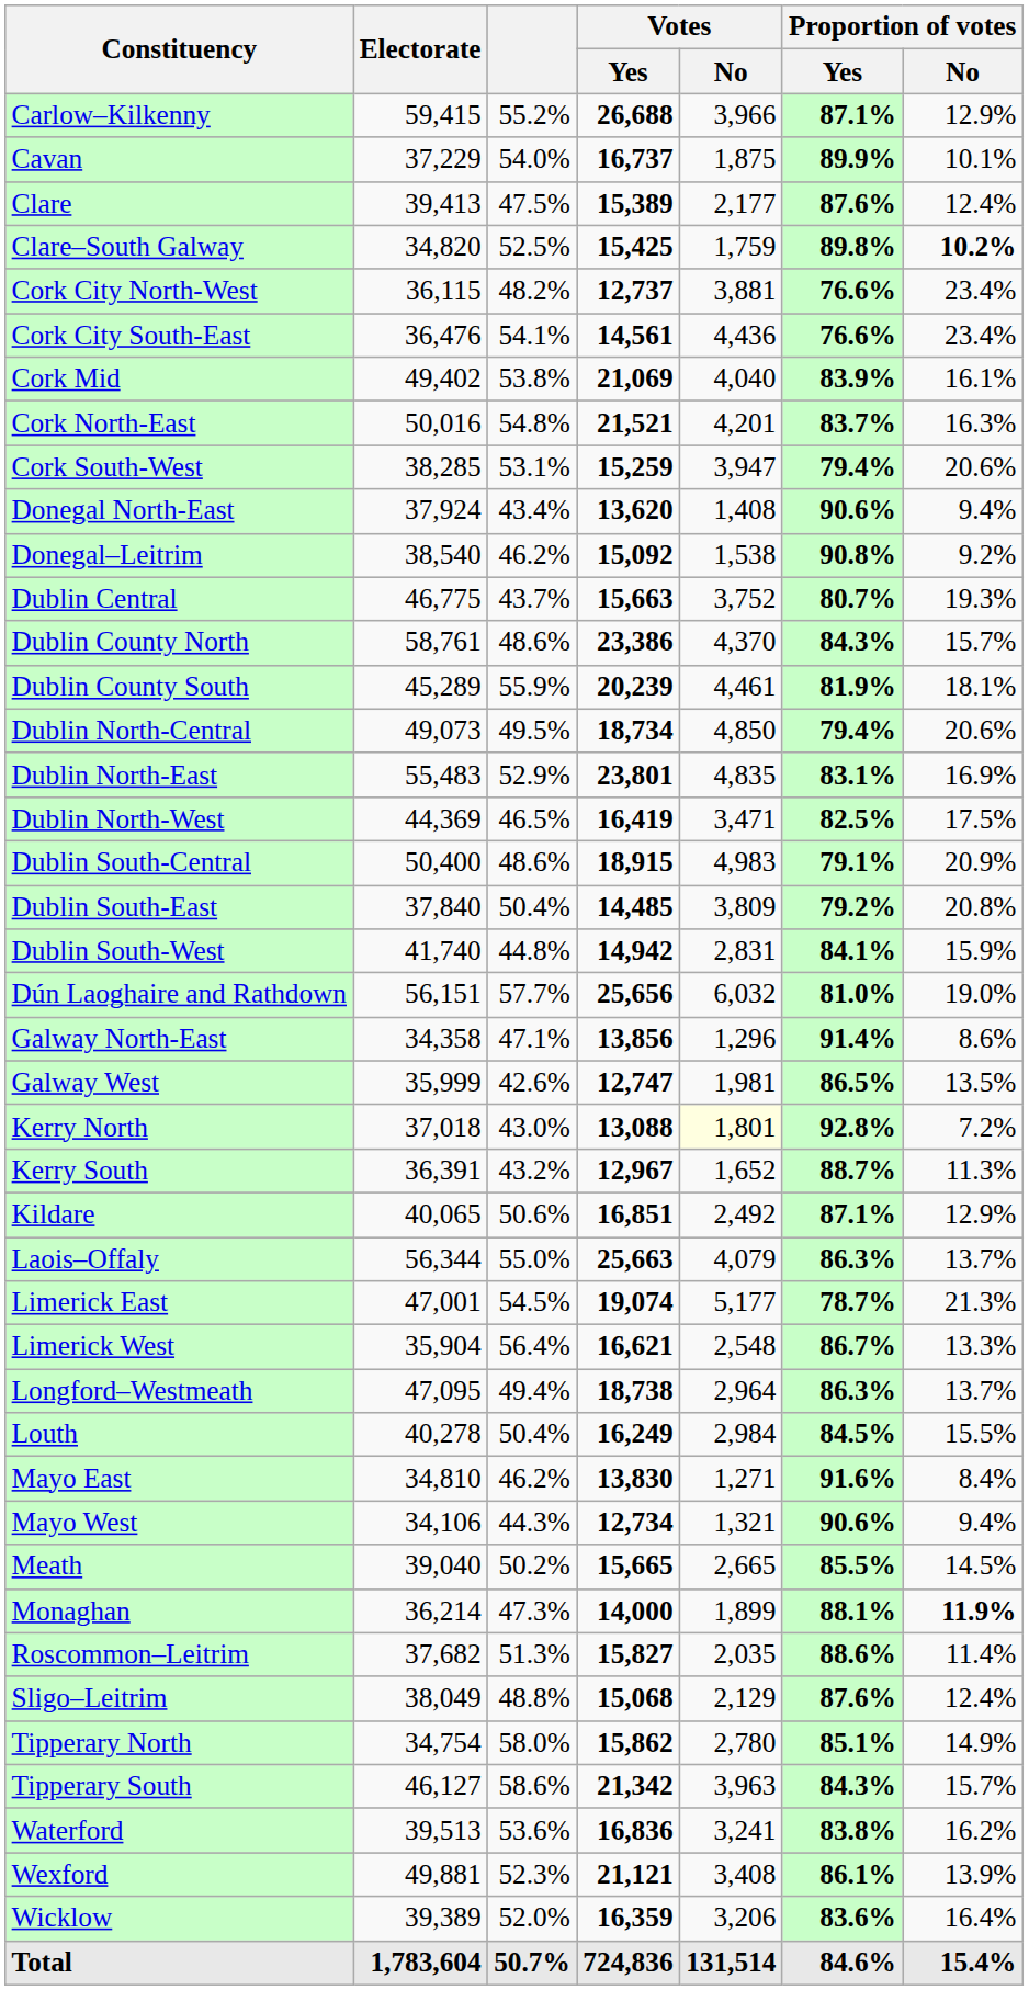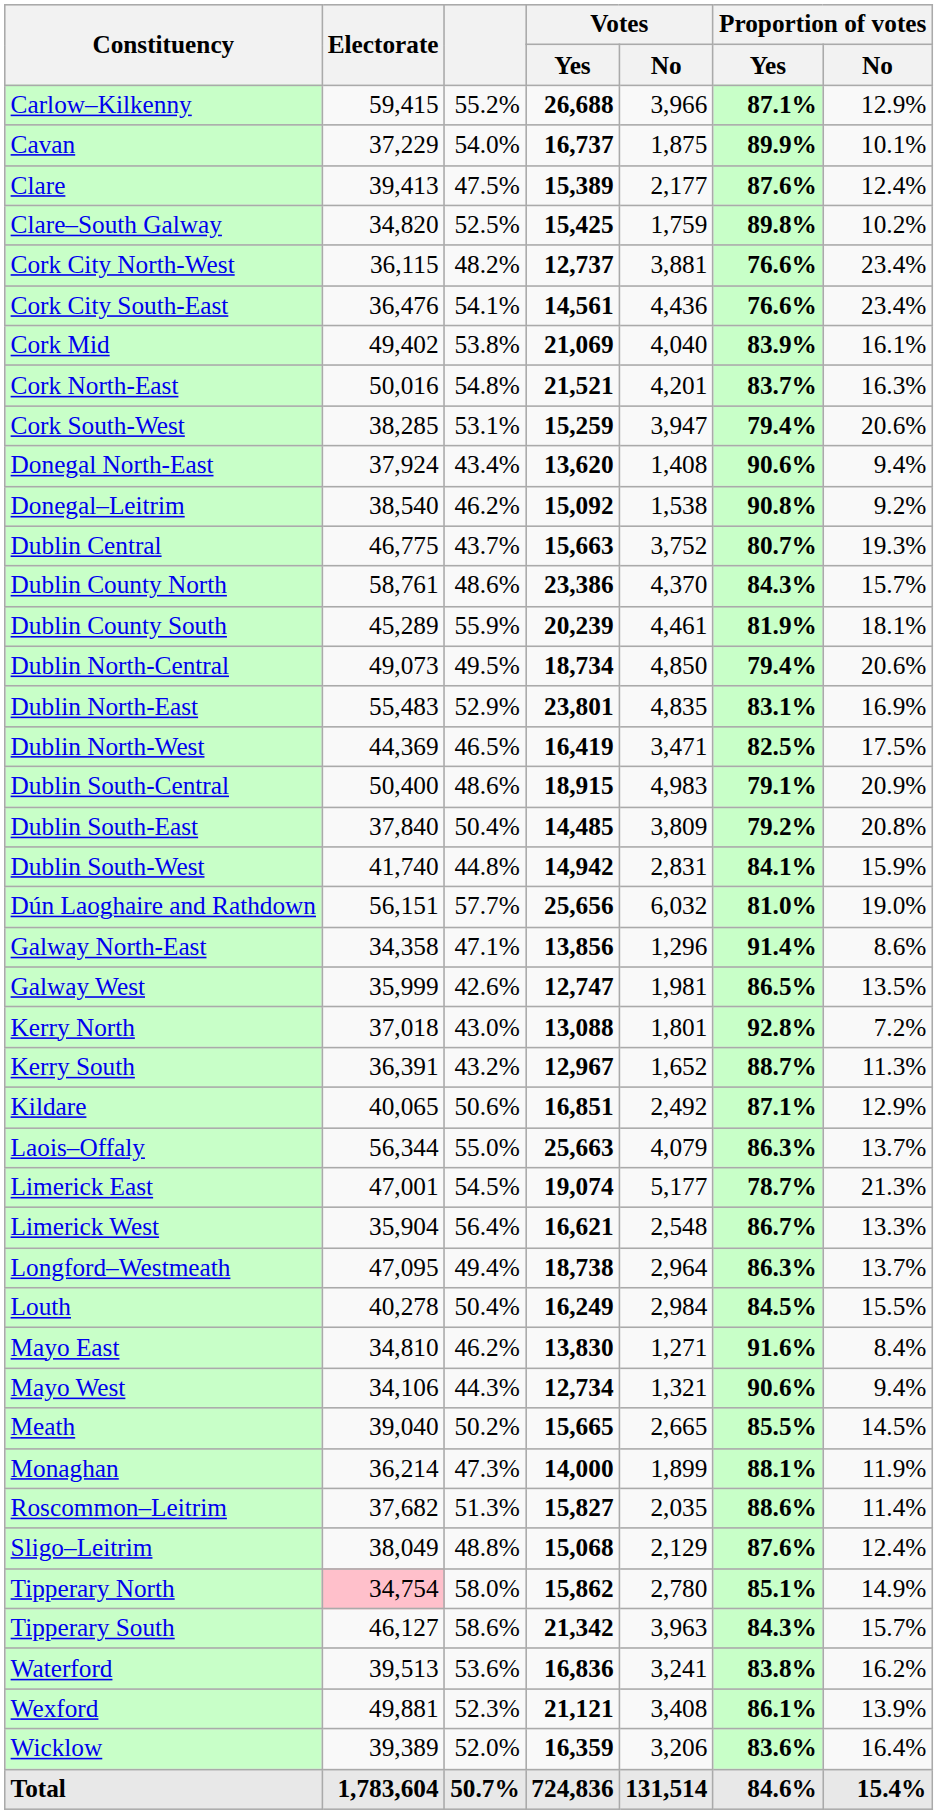 <table class="wikitable sortable">
 <tr>
 <th rowspan=2>Constituency</th>
 <th rowspan=2>Electorate</th>
 <th rowspan=2></th>
 <th colspan=2>Votes</th>
 <th colspan=2>Proportion of votes</th>
 </tr>
 <tr>
 <th>Yes</th>
 <th>No</th>
 <th>Yes</th>
 <th>No</th>
 </tr>
 <tr>
 <td style="background:#c8ffc8;"><a href='#'>Carlow–Kilkenny</a></td>
 <td style="text-align: right;">59,415</td>
 <td style="text-align: right;">55.2%</td>
 <td style="text-align: right;"><strong>26,688</strong></td>
 <td style="text-align: right;">3,966</td>
 <td style="text-align: right; background:#c8ffc8;"><strong>87.1%</strong></td>
 <td style="text-align: right;">12.9%</td>
 </tr>
 <tr>
 <td style="background:#c8ffc8;"><a href='#'>Cavan</a></td>
 <td style="text-align: right;">37,229</td>
 <td style="text-align: right;">54.0%</td>
 <td style="text-align: right;"><strong>16,737</strong></td>
 <td style="text-align: right;">1,875</td>
 <td style="text-align: right; background:#c8ffc8;"><strong>89.9%</strong></td>
 <td style="text-align: right;">10.1%</td>
 </tr>
 <tr>
 <td style="background:#c8ffc8;"><a href='#'>Clare</a></td>
 <td style="text-align: right;">39,413</td>
 <td style="text-align: right;">47.5%</td>
 <td style="text-align: right;"><strong>15,389</strong></td>
 <td style="text-align: right;">2,177</td>
 <td style="text-align: right; background:#c8ffc8;"><strong>87.6%</strong></td>
 <td style="text-align: right;">12.4%</td>
 </tr>
 <tr>
 <td style="background:#c8ffc8;"><a href='#'>Clare–South Galway</a></td>
 <td style="text-align: right;">34,820</td>
 <td style="text-align: right;">52.5%</td>
 <td style="text-align: right;"><strong>15,425</strong></td>
 <td style="text-align: right;">1,759</td>
 <td style="text-align: right; background:#c8ffc8;"><strong>89.8%</strong></td>
-<td style="text-align: right;"><strong>10.2%</strong></td>
+<td style="text-align: right;">10.2%</td>
 </tr>
 <tr>
 <td style="background:#c8ffc8;"><a href='#'>Cork City North-West</a></td>
 <td style="text-align: right;">36,115</td>
 <td style="text-align: right;">48.2%</td>
 <td style="text-align: right;"><strong>12,737</strong></td>
 <td style="text-align: right;">3,881</td>
 <td style="text-align: right; background:#c8ffc8;"><strong>76.6%</strong></td>
 <td style="text-align: right;">23.4%</td>
 </tr>
 <tr>
 <td style="background:#c8ffc8;"><a href='#'>Cork City South-East</a></td>
 <td style="text-align: right;">36,476</td>
 <td style="text-align: right;">54.1%</td>
 <td style="text-align: right;"><strong>14,561</strong></td>
 <td style="text-align: right;">4,436</td>
 <td style="text-align: right; background:#c8ffc8;"><strong>76.6%</strong></td>
 <td style="text-align: right;">23.4%</td>
 </tr>
 <tr>
 <td style="background:#c8ffc8;"><a href='#'>Cork Mid</a></td>
 <td style="text-align: right;">49,402</td>
 <td style="text-align: right;">53.8%</td>
 <td style="text-align: right;"><strong>21,069</strong></td>
 <td style="text-align: right;">4,040</td>
 <td style="text-align: right; background:#c8ffc8;"><strong>83.9%</strong></td>
 <td style="text-align: right;">16.1%</td>
 </tr>
 <tr>
 <td style="background:#c8ffc8;"><a href='#'>Cork North-East</a></td>
 <td style="text-align: right;">50,016</td>
 <td style="text-align: right;">54.8%</td>
 <td style="text-align: right;"><strong>21,521</strong></td>
 <td style="text-align: right;">4,201</td>
 <td style="text-align: right; background:#c8ffc8;"><strong>83.7%</strong></td>
 <td style="text-align: right;">16.3%</td>
 </tr>
 <tr>
 <td style="background:#c8ffc8;"><a href='#'>Cork South-West</a></td>
 <td style="text-align: right;">38,285</td>
 <td style="text-align: right;">53.1%</td>
 <td style="text-align: right;"><strong>15,259</strong></td>
 <td style="text-align: right;">3,947</td>
 <td style="text-align: right; background:#c8ffc8;"><strong>79.4%</strong></td>
 <td style="text-align: right;">20.6%</td>
 </tr>
 <tr>
 <td style="background:#c8ffc8;"><a href='#'>Donegal North-East</a></td>
 <td style="text-align: right;">37,924</td>
 <td style="text-align: right;">43.4%</td>
 <td style="text-align: right;"><strong>13,620</strong></td>
 <td style="text-align: right;">1,408</td>
 <td style="text-align: right; background:#c8ffc8;"><strong>90.6%</strong></td>
 <td style="text-align: right;">9.4%</td>
 </tr>
 <tr>
 <td style="background:#c8ffc8;"><a href='#'>Donegal–Leitrim</a></td>
 <td style="text-align: right;">38,540</td>
 <td style="text-align: right;">46.2%</td>
 <td style="text-align: right;"><strong>15,092</strong></td>
 <td style="text-align: right;">1,538</td>
 <td style="text-align: right; background:#c8ffc8;"><strong>90.8%</strong></td>
 <td style="text-align: right;">9.2%</td>
 </tr>
 <tr>
 <td style="background:#c8ffc8;"><a href='#'>Dublin Central</a></td>
 <td style="text-align: right;">46,775</td>
 <td style="text-align: right;">43.7%</td>
 <td style="text-align: right;"><strong>15,663</strong></td>
 <td style="text-align: right;">3,752</td>
 <td style="text-align: right; background:#c8ffc8;"><strong>80.7%</strong></td>
 <td style="text-align: right;">19.3%</td>
 </tr>
 <tr>
 <td style="background:#c8ffc8;"><a href='#'>Dublin County North</a></td>
 <td style="text-align: right;">58,761</td>
 <td style="text-align: right;">48.6%</td>
 <td style="text-align: right;"><strong>23,386</strong></td>
 <td style="text-align: right;">4,370</td>
 <td style="text-align: right; background:#c8ffc8;"><strong>84.3%</strong></td>
 <td style="text-align: right;">15.7%</td>
 </tr>
 <tr>
 <td style="background:#c8ffc8;"><a href='#'>Dublin County South</a></td>
 <td style="text-align: right;">45,289</td>
 <td style="text-align: right;">55.9%</td>
 <td style="text-align: right;"><strong>20,239</strong></td>
 <td style="text-align: right;">4,461</td>
 <td style="text-align: right; background:#c8ffc8;"><strong>81.9%</strong></td>
 <td style="text-align: right;">18.1%</td>
 </tr>
 <tr>
 <td style="background:#c8ffc8;"><a href='#'>Dublin North-Central</a></td>
 <td style="text-align: right;">49,073</td>
 <td style="text-align: right;">49.5%</td>
 <td style="text-align: right;"><strong>18,734</strong></td>
 <td style="text-align: right;">4,850</td>
 <td style="text-align: right; background:#c8ffc8;"><strong>79.4%</strong></td>
 <td style="text-align: right;">20.6%</td>
 </tr>
 <tr>
 <td style="background:#c8ffc8;"><a href='#'>Dublin North-East</a></td>
 <td style="text-align: right;">55,483</td>
 <td style="text-align: right;">52.9%</td>
 <td style="text-align: right;"><strong>23,801</strong></td>
 <td style="text-align: right;">4,835</td>
 <td style="text-align: right; background:#c8ffc8;"><strong>83.1%</strong></td>
 <td style="text-align: right;">16.9%</td>
 </tr>
 <tr>
 <td style="background:#c8ffc8;"><a href='#'>Dublin North-West</a></td>
 <td style="text-align: right;">44,369</td>
 <td style="text-align: right;">46.5%</td>
 <td style="text-align: right;"><strong>16,419</strong></td>
 <td style="text-align: right;">3,471</td>
 <td style="text-align: right; background:#c8ffc8;"><strong>82.5%</strong></td>
 <td style="text-align: right;">17.5%</td>
 </tr>
 <tr>
 <td style="background:#c8ffc8;"><a href='#'>Dublin South-Central</a></td>
 <td style="text-align: right;">50,400</td>
 <td style="text-align: right;">48.6%</td>
 <td style="text-align: right;"><strong>18,915</strong></td>
 <td style="text-align: right;">4,983</td>
 <td style="text-align: right; background:#c8ffc8;"><strong>79.1%</strong></td>
 <td style="text-align: right;">20.9%</td>
 </tr>
 <tr>
 <td style="background:#c8ffc8;"><a href='#'>Dublin South-East</a></td>
 <td style="text-align: right;">37,840</td>
 <td style="text-align: right;">50.4%</td>
 <td style="text-align: right;"><strong>14,485</strong></td>
 <td style="text-align: right;">3,809</td>
 <td style="text-align: right; background:#c8ffc8;"><strong>79.2%</strong></td>
 <td style="text-align: right;">20.8%</td>
 </tr>
 <tr>
 <td style="background:#c8ffc8;"><a href='#'>Dublin South-West</a></td>
 <td style="text-align: right;">41,740</td>
 <td style="text-align: right;">44.8%</td>
 <td style="text-align: right;"><strong>14,942</strong></td>
 <td style="text-align: right;">2,831</td>
 <td style="text-align: right; background:#c8ffc8;"><strong>84.1%</strong></td>
 <td style="text-align: right;">15.9%</td>
 </tr>
 <tr>
 <td style="background:#c8ffc8;"><a href='#'>Dún Laoghaire and Rathdown</a></td>
 <td style="text-align: right;">56,151</td>
 <td style="text-align: right;">57.7%</td>
 <td style="text-align: right;"><strong>25,656</strong></td>
 <td style="text-align: right;">6,032</td>
 <td style="text-align: right; background:#c8ffc8;"><strong>81.0%</strong></td>
 <td style="text-align: right;">19.0%</td>
 </tr>
 <tr>
 <td style="background:#c8ffc8;"><a href='#'>Galway North-East</a></td>
 <td style="text-align: right;">34,358</td>
 <td style="text-align: right;">47.1%</td>
 <td style="text-align: right;"><strong>13,856</strong></td>
 <td style="text-align: right;">1,296</td>
 <td style="text-align: right; background:#c8ffc8;"><strong>91.4%</strong></td>
 <td style="text-align: right;">8.6%</td>
 </tr>
 <tr>
 <td style="background:#c8ffc8;"><a href='#'>Galway West</a></td>
 <td style="text-align: right;">35,999</td>
 <td style="text-align: right;">42.6%</td>
 <td style="text-align: right;"><strong>12,747</strong></td>
 <td style="text-align: right;">1,981</td>
 <td style="text-align: right; background:#c8ffc8;"><strong>86.5%</strong></td>
 <td style="text-align: right;">13.5%</td>
 </tr>
 <tr>
 <td style="background:#c8ffc8;"><a href='#'>Kerry North</a></td>
 <td style="text-align: right;">37,018</td>
 <td style="text-align: right;">43.0%</td>
 <td style="text-align: right;"><strong>13,088</strong></td>
-<td style="background: lightyellow; text-align: right;">1,801</td>
+<td style="text-align: right;">1,801</td>
 <td style="text-align: right; background:#c8ffc8;"><strong>92.8%</strong></td>
 <td style="text-align: right;">7.2%</td>
 </tr>
 <tr>
 <td style="background:#c8ffc8;"><a href='#'>Kerry South</a></td>
 <td style="text-align: right;">36,391</td>
 <td style="text-align: right;">43.2%</td>
 <td style="text-align: right;"><strong>12,967</strong></td>
 <td style="text-align: right;">1,652</td>
 <td style="text-align: right; background:#c8ffc8;"><strong>88.7%</strong></td>
 <td style="text-align: right;">11.3%</td>
 </tr>
 <tr>
 <td style="background:#c8ffc8;"><a href='#'>Kildare</a></td>
 <td style="text-align: right;">40,065</td>
 <td style="text-align: right;">50.6%</td>
 <td style="text-align: right;"><strong>16,851</strong></td>
 <td style="text-align: right;">2,492</td>
 <td style="text-align: right; background:#c8ffc8;"><strong>87.1%</strong></td>
 <td style="text-align: right;">12.9%</td>
 </tr>
 <tr>
 <td style="background:#c8ffc8;"><a href='#'>Laois–Offaly</a></td>
 <td style="text-align: right;">56,344</td>
 <td style="text-align: right;">55.0%</td>
 <td style="text-align: right;"><strong>25,663</strong></td>
 <td style="text-align: right;">4,079</td>
 <td style="text-align: right; background:#c8ffc8;"><strong>86.3%</strong></td>
 <td style="text-align: right;">13.7%</td>
 </tr>
 <tr>
 <td style="background:#c8ffc8;"><a href='#'>Limerick East</a></td>
 <td style="text-align: right;">47,001</td>
 <td style="text-align: right;">54.5%</td>
 <td style="text-align: right;"><strong>19,074</strong></td>
 <td style="text-align: right;">5,177</td>
 <td style="text-align: right; background:#c8ffc8;"><strong>78.7%</strong></td>
 <td style="text-align: right;">21.3%</td>
 </tr>
 <tr>
 <td style="background:#c8ffc8;"><a href='#'>Limerick West</a></td>
 <td style="text-align: right;">35,904</td>
 <td style="text-align: right;">56.4%</td>
 <td style="text-align: right;"><strong>16,621</strong></td>
 <td style="text-align: right;">2,548</td>
 <td style="text-align: right; background:#c8ffc8;"><strong>86.7%</strong></td>
 <td style="text-align: right;">13.3%</td>
 </tr>
 <tr>
 <td style="background:#c8ffc8;"><a href='#'>Longford–Westmeath</a></td>
 <td style="text-align: right;">47,095</td>
 <td style="text-align: right;">49.4%</td>
 <td style="text-align: right;"><strong>18,738</strong></td>
 <td style="text-align: right;">2,964</td>
 <td style="text-align: right; background:#c8ffc8;"><strong>86.3%</strong></td>
 <td style="text-align: right;">13.7%</td>
 </tr>
 <tr>
 <td style="background:#c8ffc8;"><a href='#'>Louth</a></td>
 <td style="text-align: right;">40,278</td>
 <td style="text-align: right;">50.4%</td>
 <td style="text-align: right;"><strong>16,249</strong></td>
 <td style="text-align: right;">2,984</td>
 <td style="text-align: right; background:#c8ffc8;"><strong>84.5%</strong></td>
 <td style="text-align: right;">15.5%</td>
 </tr>
 <tr>
 <td style="background:#c8ffc8;"><a href='#'>Mayo East</a></td>
 <td style="text-align: right;">34,810</td>
 <td style="text-align: right;">46.2%</td>
 <td style="text-align: right;"><strong>13,830</strong></td>
 <td style="text-align: right;">1,271</td>
 <td style="text-align: right; background:#c8ffc8;"><strong>91.6%</strong></td>
 <td style="text-align: right;">8.4%</td>
 </tr>
 <tr>
 <td style="background:#c8ffc8;"><a href='#'>Mayo West</a></td>
 <td style="text-align: right;">34,106</td>
 <td style="text-align: right;">44.3%</td>
 <td style="text-align: right;"><strong>12,734</strong></td>
 <td style="text-align: right;">1,321</td>
 <td style="text-align: right; background:#c8ffc8;"><strong>90.6%</strong></td>
 <td style="text-align: right;">9.4%</td>
 </tr>
 <tr>
 <td style="background:#c8ffc8;"><a href='#'>Meath</a></td>
 <td style="text-align: right;">39,040</td>
 <td style="text-align: right;">50.2%</td>
 <td style="text-align: right;"><strong>15,665</strong></td>
 <td style="text-align: right;">2,665</td>
 <td style="text-align: right; background:#c8ffc8;"><strong>85.5%</strong></td>
 <td style="text-align: right;">14.5%</td>
 </tr>
 <tr>
 <td style="background:#c8ffc8;"><a href='#'>Monaghan</a></td>
 <td style="text-align: right;">36,214</td>
 <td style="text-align: right;">47.3%</td>
 <td style="text-align: right;"><strong>14,000</strong></td>
 <td style="text-align: right;">1,899</td>
 <td style="text-align: right; background:#c8ffc8;"><strong>88.1%</strong></td>
-<td style="text-align: right;"><strong>11.9%</strong></td>
+<td style="text-align: right;">11.9%</td>
 </tr>
 <tr>
 <td style="background:#c8ffc8;"><a href='#'>Roscommon–Leitrim</a></td>
 <td style="text-align: right;">37,682</td>
 <td style="text-align: right;">51.3%</td>
 <td style="text-align: right;"><strong>15,827</strong></td>
 <td style="text-align: right;">2,035</td>
 <td style="text-align: right; background:#c8ffc8;"><strong>88.6%</strong></td>
 <td style="text-align: right;">11.4%</td>
 </tr>
 <tr>
 <td style="background:#c8ffc8;"><a href='#'>Sligo–Leitrim</a></td>
 <td style="text-align: right;">38,049</td>
 <td style="text-align: right;">48.8%</td>
 <td style="text-align: right;"><strong>15,068</strong></td>
 <td style="text-align: right;">2,129</td>
 <td style="text-align: right; background:#c8ffc8;"><strong>87.6%</strong></td>
 <td style="text-align: right;">12.4%</td>
 </tr>
 <tr>
 <td style="background:#c8ffc8;"><a href='#'>Tipperary North</a></td>
-<td style="text-align: right;">34,754</td>
+<td style="background: pink; text-align: right;">34,754</td>
 <td style="text-align: right;">58.0%</td>
 <td style="text-align: right;"><strong>15,862</strong></td>
 <td style="text-align: right;">2,780</td>
 <td style="text-align: right; background:#c8ffc8;"><strong>85.1%</strong></td>
 <td style="text-align: right;">14.9%</td>
 </tr>
 <tr>
 <td style="background:#c8ffc8;"><a href='#'>Tipperary South</a></td>
 <td style="text-align: right;">46,127</td>
 <td style="text-align: right;">58.6%</td>
 <td style="text-align: right;"><strong>21,342</strong></td>
 <td style="text-align: right;">3,963</td>
 <td style="text-align: right; background:#c8ffc8;"><strong>84.3%</strong></td>
 <td style="text-align: right;">15.7%</td>
 </tr>
 <tr>
 <td style="background:#c8ffc8;"><a href='#'>Waterford</a></td>
 <td style="text-align: right;">39,513</td>
 <td style="text-align: right;">53.6%</td>
 <td style="text-align: right;"><strong>16,836</strong></td>
 <td style="text-align: right;">3,241</td>
 <td style="text-align: right; background:#c8ffc8;"><strong>83.8%</strong></td>
 <td style="text-align: right;">16.2%</td>
 </tr>
 <tr>
 <td style="background:#c8ffc8;"><a href='#'>Wexford</a></td>
 <td style="text-align: right;">49,881</td>
 <td style="text-align: right;">52.3%</td>
 <td style="text-align: right;"><strong>21,121</strong></td>
 <td style="text-align: right;">3,408</td>
 <td style="text-align: right; background:#c8ffc8;"><strong>86.1%</strong></td>
 <td style="text-align: right;">13.9%</td>
 </tr>
 <tr>
 <td style="background:#c8ffc8;"><a href='#'>Wicklow</a></td>
 <td style="text-align: right;">39,389</td>
 <td style="text-align: right;">52.0%</td>
 <td style="text-align: right;"><strong>16,359</strong></td>
 <td style="text-align: right;">3,206</td>
 <td style="text-align: right; background:#c8ffc8;"><strong>83.6%</strong></td>
 <td style="text-align: right;">16.4%</td>
 </tr>
 <tr class="sortbottom" style="font-weight:bold; background:rgb(232,232,232);">
 <td>Total</td>
 <td style="text-align: right;">1,783,604</td>
 <td style="text-align: right;">50.7%</td>
 <td style="text-align: right;">724,836</td>
 <td style="text-align: right;">131,514</td>
 <td style="text-align: right;">84.6%</td>
 <td style="text-align: right;">15.4%</td>
 </tr>
 </table>
